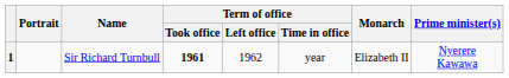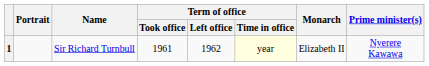 <table class="wikitable" style="text-align:center">
 <tr>
 <th rowspan="2"></th>
 <th rowspan="2">Portrait</th>
 <th rowspan="2">Name<br></th>
 <th colspan="3">Term of office</th>
 <th rowspan="2">Monarch</th>
 <th rowspan="2"><a href='#'>Prime minister(s)</a></th>
 </tr>
 <tr>
 <th>Took office</th>
 <th>Left office</th>
 <th>Time in office</th>
 </tr>
 <tr>
 <th>1</th>
 <td></td>
 <td><a href='#'>Sir Richard Turnbull</a><br></td>
-<td><strong> 1961</strong></td>
+<td> 1961</td>
 <td> 1962</td>
-<td> year</td>
+<td style="background: lightyellow;"> year</td>
 <td>Elizabeth II</td>
 <td><a href='#'>Nyerere</a><br><a href='#'>Kawawa</a></td>
 </tr>
 </table>
